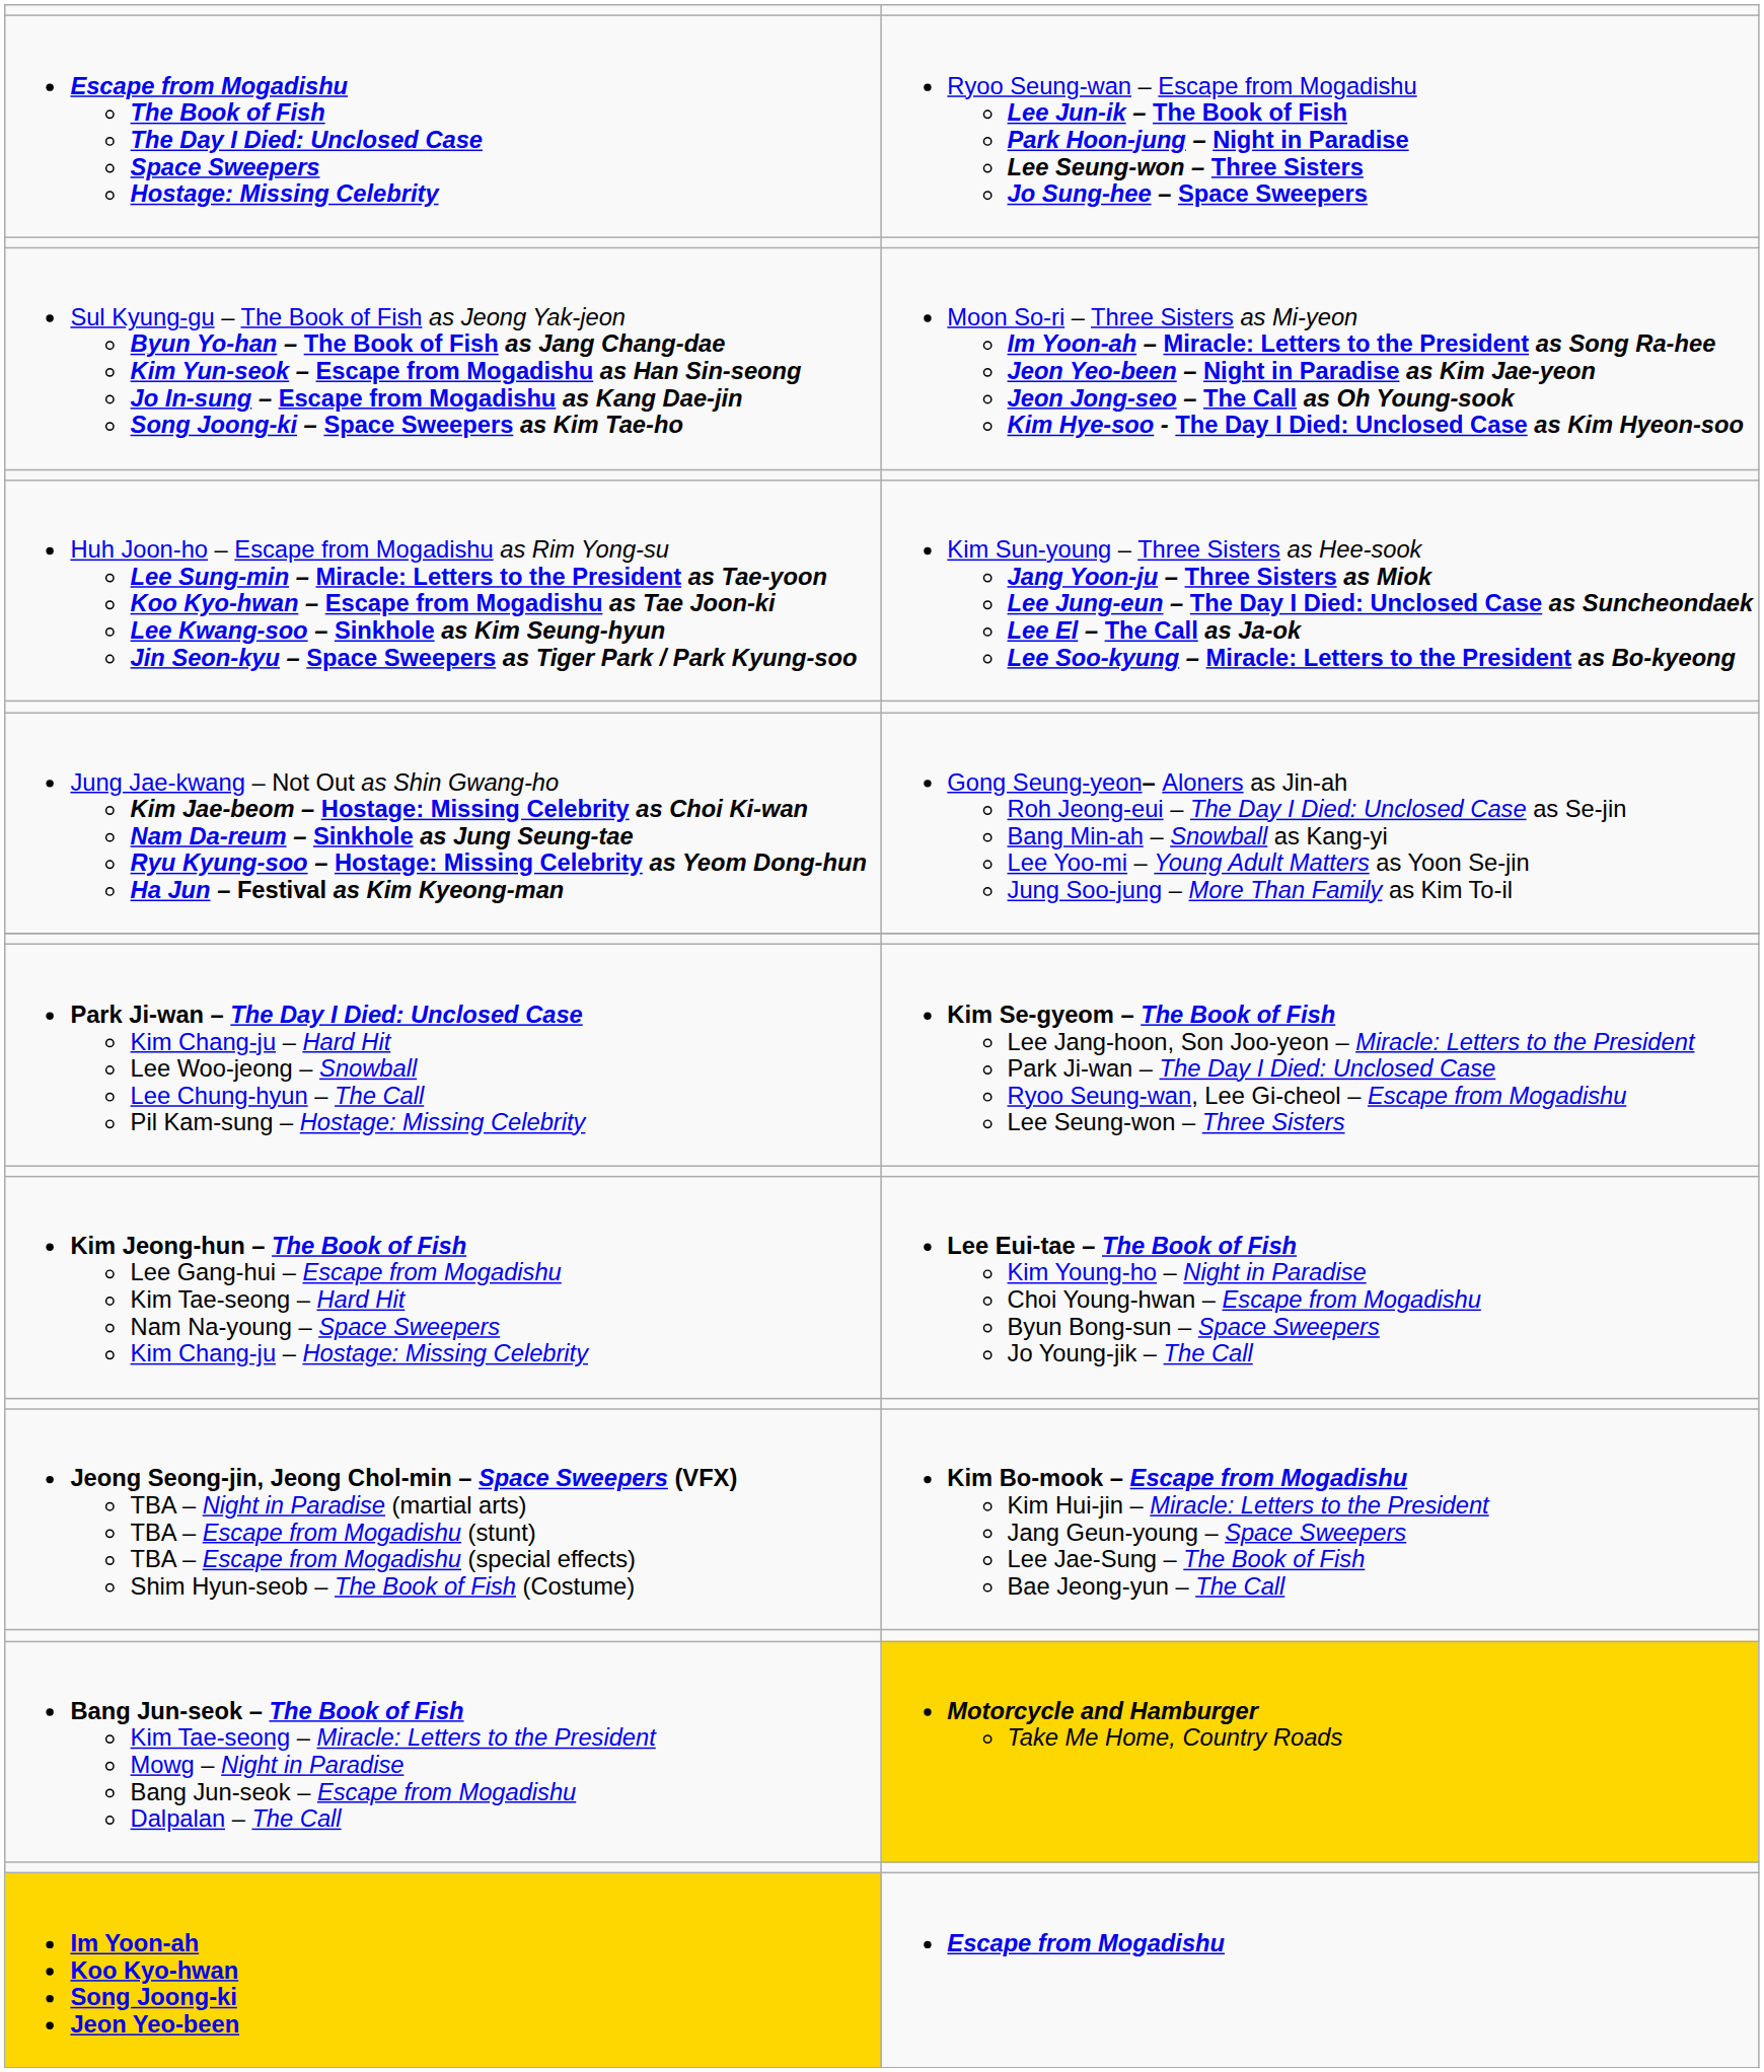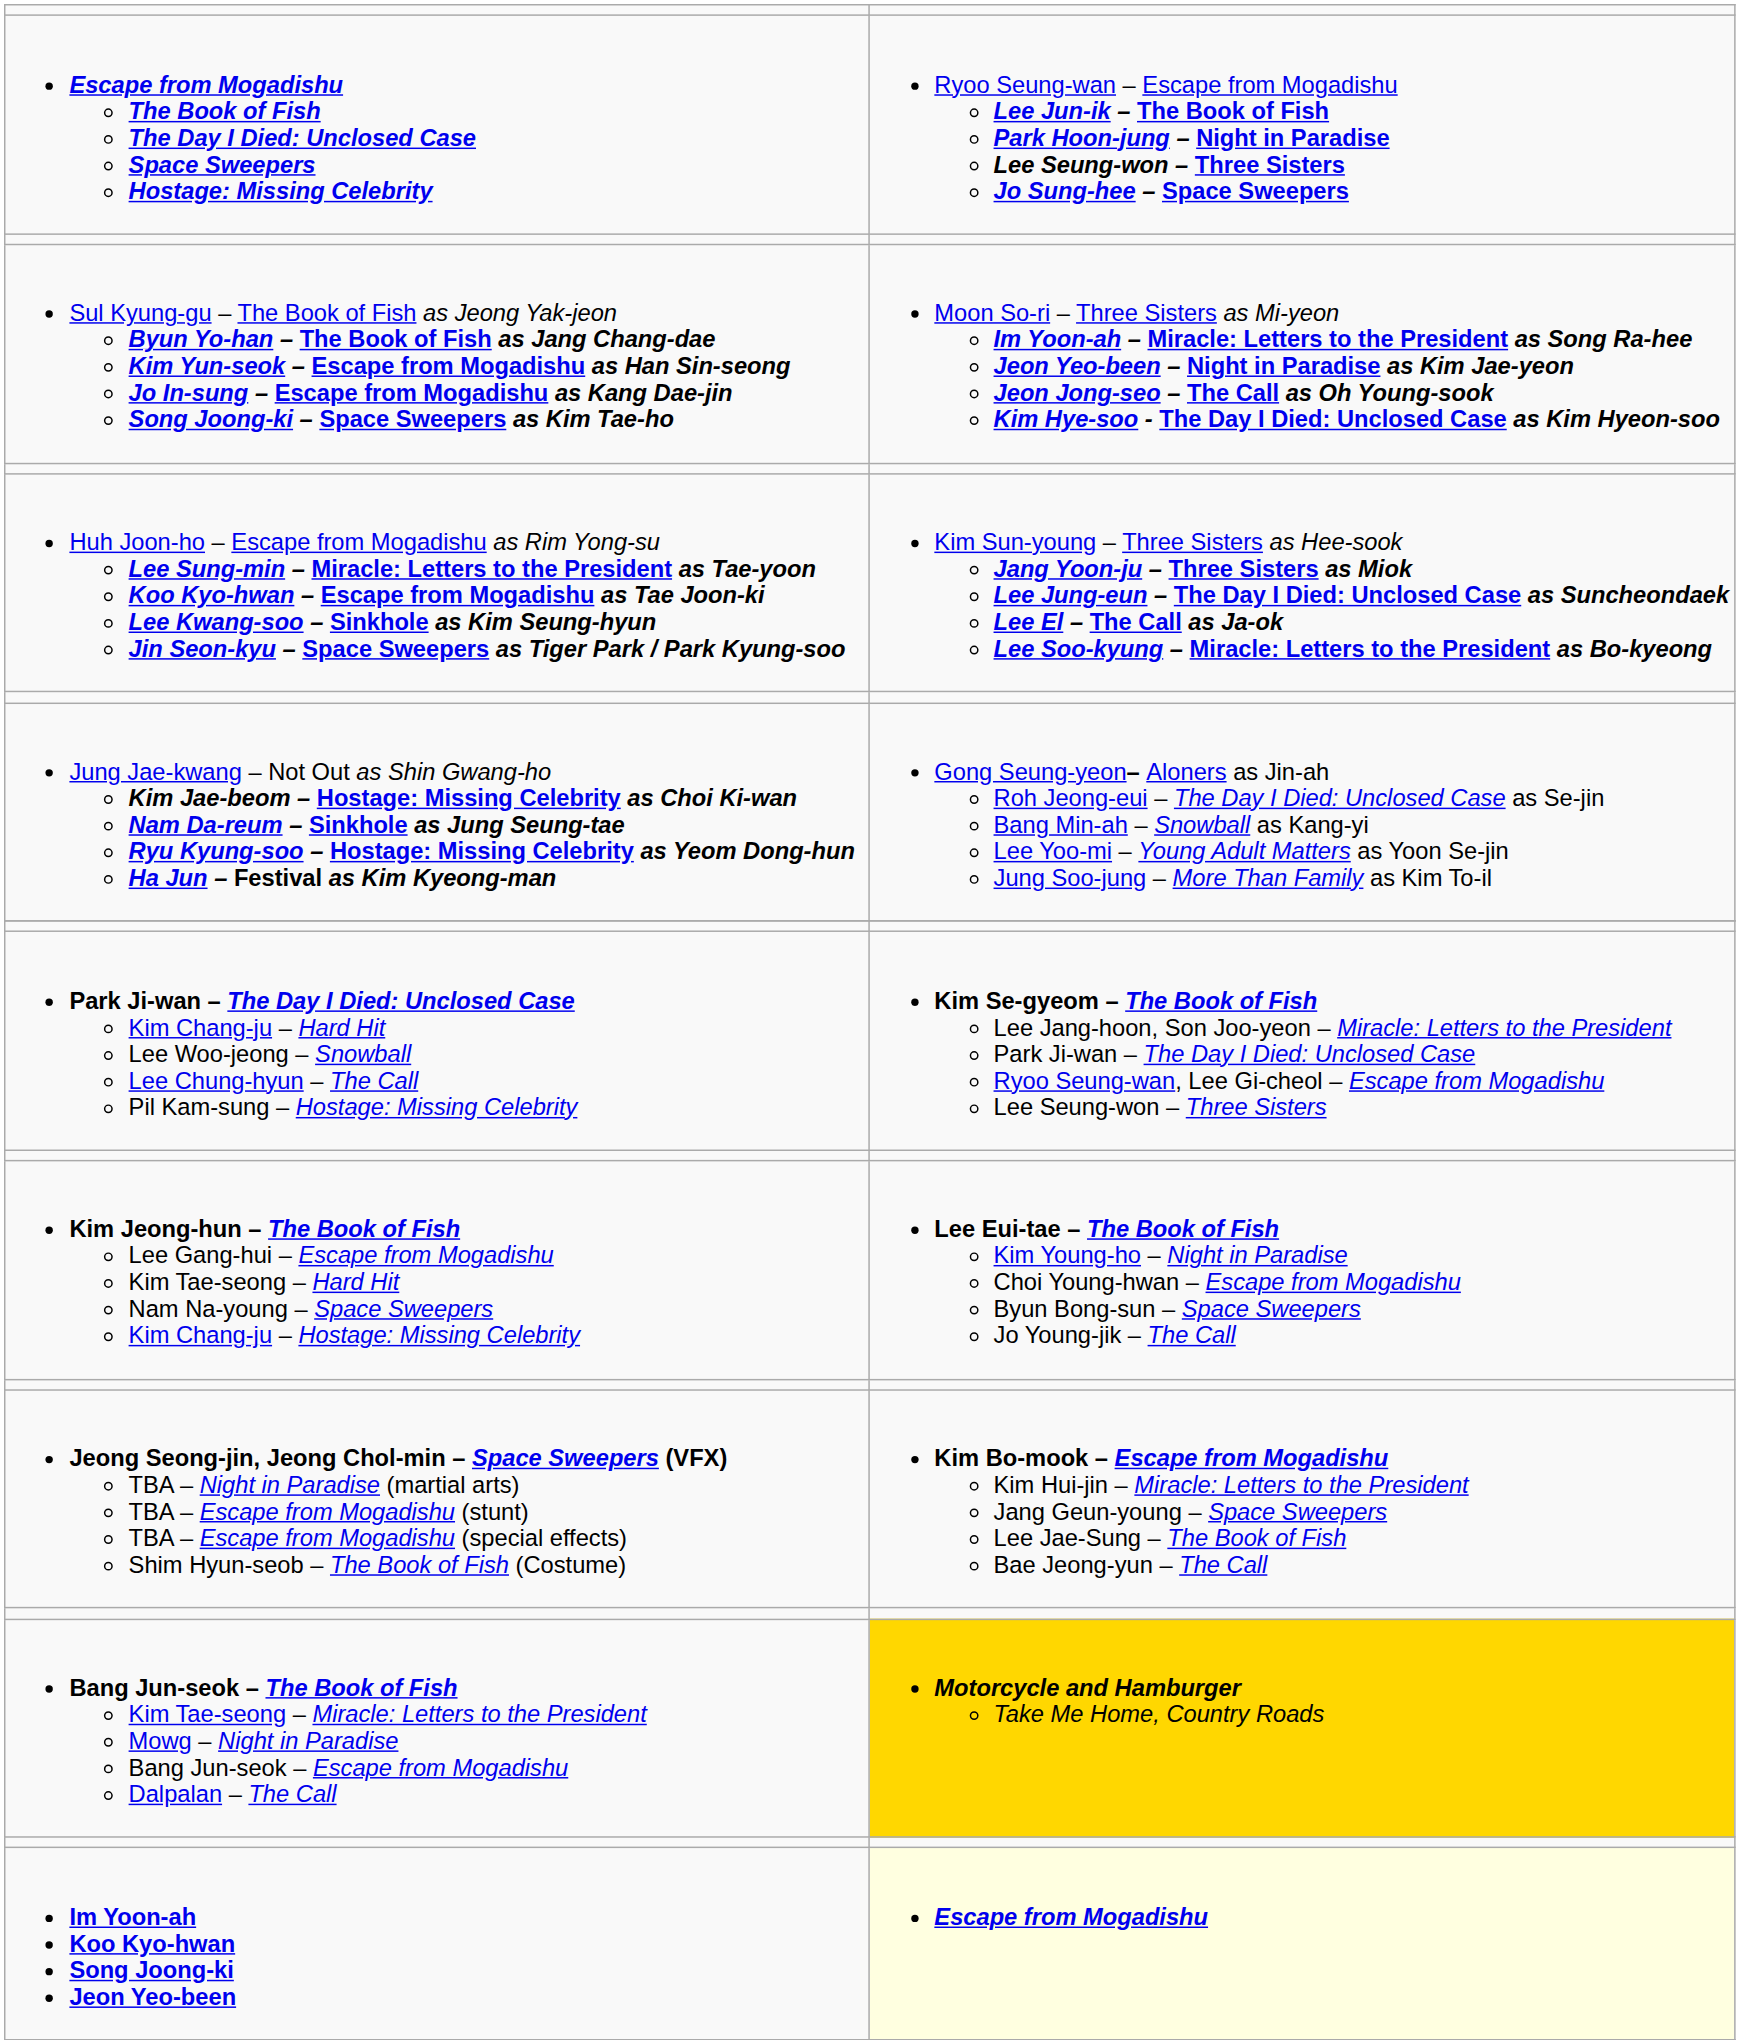 <table class="wikitable ">
 <tr>
 <td style="vertical-align:top; width:50%;"></td>
 <td style="vertical-align:top; width:50%;"></td>
 </tr>
 <tr>
 <td valign="top"><br><ul><li><strong><em><a href='#'>Escape from Mogadishu</a><em> <strong><ul><li></em><a href='#'>The Book of Fish</a><em></li><li></em><a href='#'>The Day I Died: Unclosed Case</a><em></li><li></em><a href='#'>Space Sweepers</a><em></li><li></em><a href='#'>Hostage: Missing Celebrity</a><em></li></ul></li></ul></td>
 <td valign="top"><br><ul><li></strong><a href='#'>Ryoo Seung-wan</a> – </em><a href='#'>Escape from Mogadishu</a><em> <strong><ul><li><a href='#'>Lee Jun-ik</a> – </em><a href='#'>The Book of Fish</a><em></li><li><a href='#'>Park Hoon-jung</a> – </em><a href='#'>Night in Paradise</a><em></li><li>Lee Seung-won – </em><a href='#'>Three Sisters</a><em></li><li><a href='#'>Jo Sung-hee</a> – </em><a href='#'>Space Sweepers</a><em></li></ul></li></ul></td>
 </tr>
 <tr>
 <td style="vertical-align:top; width:50%;"></td>
 <td style="vertical-align:top; width:50%;"></td>
 </tr>
 <tr>
 <td valign="top"><br><ul><li></strong><a href='#'>Sul Kyung-gu</a> – </em><a href='#'>The Book of Fish</a><em> as Jeong Yak-jeon <strong><ul><li><a href='#'>Byun Yo-han</a> – </em><a href='#'>The Book of Fish</a><em> as Jang Chang-dae</li><li><a href='#'>Kim Yun-seok</a> – </em><a href='#'>Escape from Mogadishu</a><em> as Han Sin-seong</li><li><a href='#'>Jo In-sung</a> – </em><a href='#'>Escape from Mogadishu</a><em> as Kang Dae-jin</li><li><a href='#'>Song Joong-ki</a> – </em><a href='#'>Space Sweepers</a><em> as Kim Tae-ho</li></ul></li></ul></td>
 <td valign="top"><br><ul><li></strong><a href='#'>Moon So-ri</a> – </em><a href='#'>Three Sisters</a><em> as Mi-yeon <strong><ul><li><a href='#'>Im Yoon-ah</a> – </em><a href='#'>Miracle: Letters to the President</a><em> as Song Ra-hee</li><li><a href='#'>Jeon Yeo-been</a> – </em><a href='#'>Night in Paradise</a><em> as Kim Jae-yeon</li><li><a href='#'>Jeon Jong-seo</a> – </em><a href='#'>The Call</a><em> as Oh Young-sook</li><li><a href='#'>Kim Hye-soo</a> - </em><a href='#'>The Day I Died: Unclosed Case</a><em> as Kim Hyeon-soo</li></ul></li></ul></td>
 </tr>
 <tr>
 <td style="vertical-align:top; width:50%;"></td>
 <td style="vertical-align:top; width:50%;"></td>
 </tr>
 <tr>
 <td valign="top"><br><ul><li></strong><a href='#'>Huh Joon-ho</a> –  </em><a href='#'>Escape from Mogadishu</a><em> as Rim Yong-su <strong><ul><li><a href='#'>Lee Sung-min</a> – </em><a href='#'>Miracle: Letters to the President</a><em> as Tae-yoon</li><li><a href='#'>Koo Kyo-hwan</a> –  </em><a href='#'>Escape from Mogadishu</a><em> as Tae Joon-ki</li><li><a href='#'>Lee Kwang-soo</a> – </em><a href='#'>Sinkhole</a><em> as Kim Seung-hyun</li><li><a href='#'>Jin Seon-kyu</a> – </em><a href='#'>Space Sweepers</a><em> as Tiger Park / Park Kyung-soo</li></ul></li></ul></td>
 <td valign="top"><br><ul><li></strong><a href='#'>Kim Sun-young</a> – </em><a href='#'>Three Sisters</a><em> as Hee-sook <strong><ul><li><a href='#'>Jang Yoon-ju</a> – </em><a href='#'>Three Sisters</a><em> as Miok</li><li><a href='#'>Lee Jung-eun</a> – </em><a href='#'>The Day I Died: Unclosed Case</a><em> as Suncheondaek</li><li><a href='#'>Lee El</a> – </em><a href='#'>The Call</a><em> as Ja-ok</li><li><a href='#'>Lee Soo-kyung</a> – </em><a href='#'>Miracle: Letters to the President</a><em> as Bo-kyeong</li></ul></li></ul></td>
 </tr>
 <tr>
 <td style="vertical-align:top; width:50%;"></td>
 <td style="vertical-align:top; width:50%;"></td>
 </tr>
 <tr>
 <td valign="top"><br><ul><li></strong><a href='#'>Jung Jae-kwang</a> – </em>Not Out<em> as Shin Gwang-ho <strong><ul><li>Kim Jae-beom – </em><a href='#'>Hostage: Missing Celebrity</a><em> as Choi Ki-wan</li><li><a href='#'>Nam Da-reum</a> – </em><a href='#'>Sinkhole</a><em> as Jung Seung-tae</li><li><a href='#'>Ryu Kyung-soo</a> – </em><a href='#'>Hostage: Missing Celebrity</a><em> as Yeom Dong-hun</li><li><a href='#'>Ha Jun</a> – </em>Festival<em> as Kim Kyeong-man</li></ul></li></ul></td>
 <td valign="top"><br><ul><li></strong><a href='#'>Gong Seung-yeon</a><strong>– </em></strong><a href='#'>Aloners</a></em> as Jin-ah </strong><ul><li><a href='#'>Roh Jeong-eui</a> – <em><a href='#'>The Day I Died: Unclosed Case</a></em> as Se-jin</li><li><a href='#'>Bang Min-ah</a> – <em><a href='#'>Snowball</a></em> as Kang-yi</li><li><a href='#'>Lee Yoo-mi</a> – <em><a href='#'>Young Adult Matters</a></em> as Yoon Se-jin</li><li><a href='#'>Jung Soo-jung</a> – <em><a href='#'>More Than Family</a></em> as  Kim To-il</li></ul></li></ul></td>
 </tr>
 <tr>
 </tr>
 <tr>
 <td style="vertical-align:top; width:50%;"></td>
 <td style="vertical-align:top; width:50%;"></td>
 </tr>
 <tr>
 <td valign="top"><br><ul><li><strong>Park Ji-wan – <em><a href='#'>The Day I Died: Unclosed Case</a></em> </strong><ul><li><a href='#'>Kim Chang-ju</a> – <em><a href='#'>Hard Hit</a></em></li><li>Lee Woo-jeong – <em><a href='#'>Snowball</a></em></li><li><a href='#'>Lee Chung-hyun</a> – <em><a href='#'>The Call</a></em></li><li>Pil Kam-sung – <em><a href='#'>Hostage: Missing Celebrity</a></em></li></ul></li></ul></td>
 <td valign="top"><br><ul><li><strong>Kim Se-gyeom – <em><a href='#'>The Book of Fish</a></em> </strong><ul><li>Lee Jang-hoon, Son Joo-yeon – <em><a href='#'>Miracle: Letters to the President</a></em></li><li>Park Ji-wan – <em><a href='#'>The Day I Died: Unclosed Case</a></em></li><li><a href='#'>Ryoo Seung-wan</a>, Lee Gi-cheol – <em><a href='#'>Escape from Mogadishu</a></em></li><li>Lee Seung-won – <em><a href='#'>Three Sisters</a></em></li></ul></li></ul></td>
 </tr>
 <tr>
 <td style="vertical-align:top; width:50%;"></td>
 <td style="vertical-align:top; width:50%;"></td>
 </tr>
 <tr>
 <td valign="top"><br><ul><li><strong>Kim Jeong-hun – <em><a href='#'>The Book of Fish</a></em> </strong><ul><li>Lee Gang-hui –  <em><a href='#'>Escape from Mogadishu</a></em></li><li>Kim Tae-seong – <em><a href='#'>Hard Hit</a></em></li><li>Nam Na-young – <em><a href='#'>Space Sweepers</a></em></li><li><a href='#'>Kim Chang-ju</a> – <em><a href='#'>Hostage: Missing Celebrity</a></em></li></ul></li></ul></td>
 <td valign="top"><br><ul><li><strong>Lee Eui-tae – <em><a href='#'>The Book of Fish</a></em> </strong><ul><li><a href='#'>Kim Young-ho</a> – <em><a href='#'>Night in Paradise</a></em></li><li>Choi Young-hwan – <em><a href='#'>Escape from Mogadishu</a></em></li><li>Byun Bong-sun – <em><a href='#'>Space Sweepers</a></em></li><li>Jo Young-jik – <em><a href='#'>The Call</a></em></li></ul></li></ul></td>
 </tr>
 <tr>
 <td style="vertical-align:top; width:50%;"></td>
 <td style="vertical-align:top; width:50%;"></td>
 </tr>
 <tr>
 <td valign="top"><br><ul><li><strong>Jeong Seong-jin, Jeong Chol-min – <em><a href='#'>Space Sweepers</a></em> (VFX) </strong><ul><li>TBA – <em><a href='#'>Night in Paradise</a></em> (martial arts)</li><li>TBA – <em><a href='#'>Escape from Mogadishu</a></em> (stunt)</li><li>TBA – <em><a href='#'>Escape from Mogadishu</a></em> (special effects)</li><li>Shim Hyun-seob  – <em><a href='#'>The Book of Fish</a></em>  (Costume)</li></ul></li></ul></td>
 <td valign="top"><br><ul><li><strong>Kim Bo-mook – <em><a href='#'>Escape from Mogadishu</a></em> </strong><ul><li>Kim Hui-jin – <em><a href='#'>Miracle: Letters to the President</a></em></li><li>Jang Geun-young – <em><a href='#'>Space Sweepers</a></em></li><li>Lee Jae-Sung – <em><a href='#'>The Book of Fish</a></em></li><li>Bae Jeong-yun – <em><a href='#'>The Call</a></em></li></ul></li></ul></td>
 </tr>
 <tr>
 <td style="vertical-align:top; width:50%;"></td>
 <td style="vertical-align:top; width:50%;"></td>
 </tr>
 <tr>
 <td valign="top"><br><ul><li><strong>Bang Jun-seok – <em><a href='#'>The Book of Fish</a></em> </strong><ul><li><a href='#'>Kim Tae-seong</a> – <em><a href='#'>Miracle: Letters to the President</a></em></li><li><a href='#'>Mowg</a> – <em><a href='#'>Night in Paradise</a></em></li><li>Bang Jun-seok – <em><a href='#'>Escape from Mogadishu</a></em></li><li><a href='#'>Dalpalan</a> – <em><a href='#'>The Call</a></em></li></ul></li></ul></td>
 <td valign="top" style="background: gold;"><br><ul><li><strong><em>Motorcycle and Hamburger</em></strong><ul><li><em>Take Me Home, Country Roads</em></li></ul></li></ul></td>
 </tr>
 <tr>
 <td style="vertical-align:top; width:50%;"></td>
 <td style="vertical-align:top; width:50%;"></td>
 </tr>
 <tr>
-<td valign="top" style="background: gold;"><br><ul><li><strong><a href='#'>Im Yoon-ah</a> </strong></li><li><strong><a href='#'>Koo Kyo-hwan</a> </strong></li><li><strong><a href='#'>Song Joong-ki</a> </strong></li><li><strong><a href='#'>Jeon Yeo-been</a> </strong></li></ul></td>
-<td valign="top"><br><ul><li><strong><em><a href='#'>Escape from Mogadishu</a> </em></strong></li></ul></td>
+<td valign="top"><br><ul><li><strong><a href='#'>Im Yoon-ah</a> </strong></li><li><strong><a href='#'>Koo Kyo-hwan</a> </strong></li><li><strong><a href='#'>Song Joong-ki</a> </strong></li><li><strong><a href='#'>Jeon Yeo-been</a> </strong></li></ul></td>
+<td valign="top" style="background: lightyellow;"><br><ul><li><strong><em><a href='#'>Escape from Mogadishu</a> </em></strong></li></ul></td>
 </tr>
 <tr>
 </tr>
 </table>
